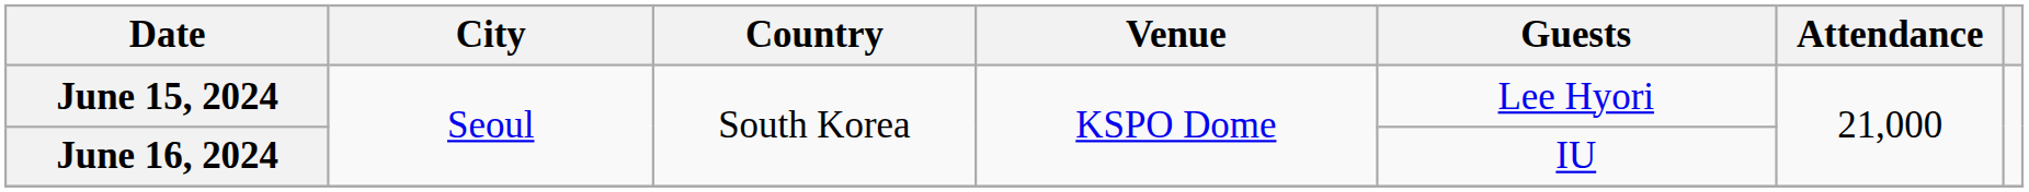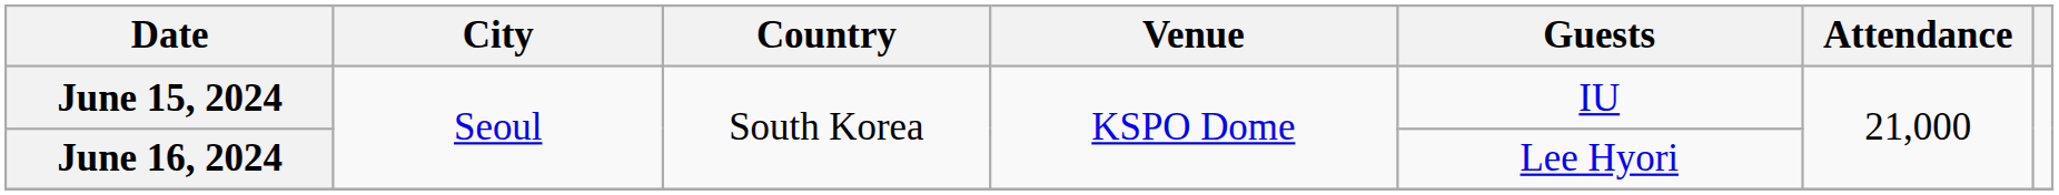 <table class="wikitable sortable plainrowheaders" style="text-align:center;">
 <tr>
 <th style="width:8em;">Date</th>
 <th style="width:8em;">City</th>
 <th style="width:8em;">Country</th>
 <th style="width:10em;">Venue</th>
 <th style="width:10em;">Guests</th>
 <th style="width:5.5em;">Attendance</th>
 <th scope="col" class="unsortable"></th>
 </tr>
 <tr>
 <th scope="row" style="text-align:center">June 15, 2024</th>
 <td rowspan="2"><a href='#'>Seoul</a></td>
 <td rowspan="2">South Korea</td>
 <td rowspan="2"><a href='#'>KSPO Dome</a></td>
-<td><a href='#'>Lee Hyori</a></td>
+<td><a href='#'>IU</a></td>
 <td rowspan="2">21,000</td>
 <td rowspan="2"></td>
 </tr>
 <tr>
 <th scope="row" style="text-align:center">June 16, 2024</th>
-<td><a href='#'>IU</a></td>
+<td><a href='#'>Lee Hyori</a></td>
 </tr>
 <tr>
 </tr>
 </table>
